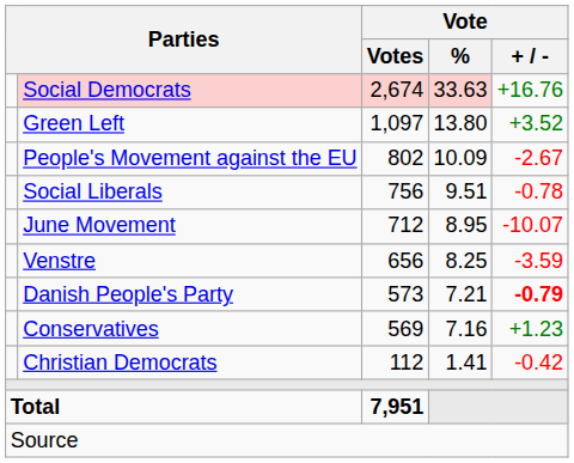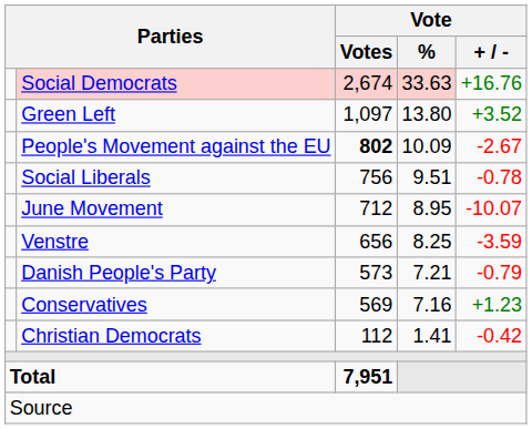 <table class="wikitable" style="text-align:right;">
 <tr>
 <th style="text-align:centre;" rowspan="2" colspan="2" width="225">Parties</th>
 <th colspan="3">Vote</th>
 </tr>
 <tr>
 <th width="15">Votes</th>
 <th width="15">%</th>
 <th width="15">+ / -</th>
 </tr>
 <tr>
 <td width="2" style="color:inherit;background:"></td>
 <td bgcolor=#fbd0ce   align="left"><a href='#'>Social Democrats</a></td>
 <td bgcolor=#fbd0ce>2,674</td>
 <td bgcolor=#fbd0ce>33.63</td>
 <td style=color:green;>+16.76</td>
 </tr>
 <tr>
 <td width="2" style="color:inherit;background:"></td>
 <td align="left"><a href='#'>Green Left</a></td>
 <td>1,097</td>
 <td>13.80</td>
 <td style=color:green;>+3.52</td>
 </tr>
 <tr>
 <td width="2" style="color:inherit;background:"></td>
 <td align="left"><a href='#'>People's Movement against the EU</a></td>
-<td>802</td>
+<td><strong>802</strong></td>
 <td>10.09</td>
 <td style=color:red;>-2.67</td>
 </tr>
 <tr>
 <td width="2" style="color:inherit;background:"></td>
 <td align="left"><a href='#'>Social Liberals</a></td>
 <td>756</td>
 <td>9.51</td>
 <td style=color:red;>-0.78</td>
 </tr>
 <tr>
 <td width="2" style="color:inherit;background:"></td>
 <td align="left"><a href='#'>June Movement</a></td>
 <td>712</td>
 <td>8.95</td>
 <td style=color:red;>-10.07</td>
 </tr>
 <tr>
 <td width="2" style="color:inherit;background:"></td>
 <td align="left"><a href='#'>Venstre</a></td>
 <td>656</td>
 <td>8.25</td>
 <td style=color:red;>-3.59</td>
 </tr>
 <tr>
 <td width="2" style="color:inherit;background:"></td>
 <td align="left"><a href='#'>Danish People's Party</a></td>
 <td>573</td>
 <td>7.21</td>
-<td style=color:red;><strong>-0.79</strong></td>
+<td style=color:red;>-0.79</td>
 </tr>
 <tr>
 <td width="2" style="color:inherit;background:"></td>
 <td align="left"><a href='#'>Conservatives</a></td>
 <td>569</td>
 <td>7.16</td>
 <td style=color:green;>+1.23</td>
 </tr>
 <tr>
 <td width="2" style="color:inherit;background:"></td>
 <td align="left"><a href='#'>Christian Democrats</a></td>
 <td>112</td>
 <td>1.41</td>
 <td style=color:red;>-0.42</td>
 </tr>
 <tr>
 <td colspan="7" bgcolor="#E9E9E9"></td>
 </tr>
 <tr>
 <td align="left" colspan="2"><strong>Total</strong></td>
 <td><strong>7,951</strong></td>
 <td bgcolor="#E9E9E9" colspan="2"></td>
 </tr>
 <tr>
 <td align="left" colspan="6">Source</td>
 </tr>
 </table>
